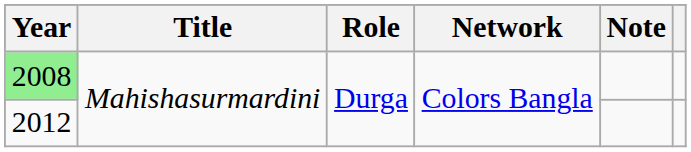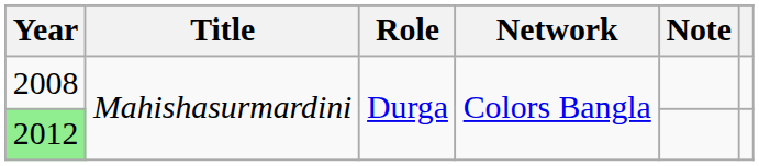 <table class="wikitable">
 <tr>
 <th>Year</th>
 <th>Title</th>
 <th>Role</th>
 <th>Network</th>
 <th>Note</th>
 <th></th>
 </tr>
 <tr>
-<td style="background: lightgreen;">2008</td>
+<td>2008</td>
 <td rowspan="2"><em>Mahishasurmardini</em></td>
 <td rowspan="2"><a href='#'>Durga</a></td>
 <td rowspan="2"><a href='#'>Colors Bangla</a></td>
 <td></td>
 <td></td>
 </tr>
 <tr>
-<td>2012</td>
+<td style="background: lightgreen;">2012</td>
 <td></td>
 <td></td>
 </tr>
 </table>
